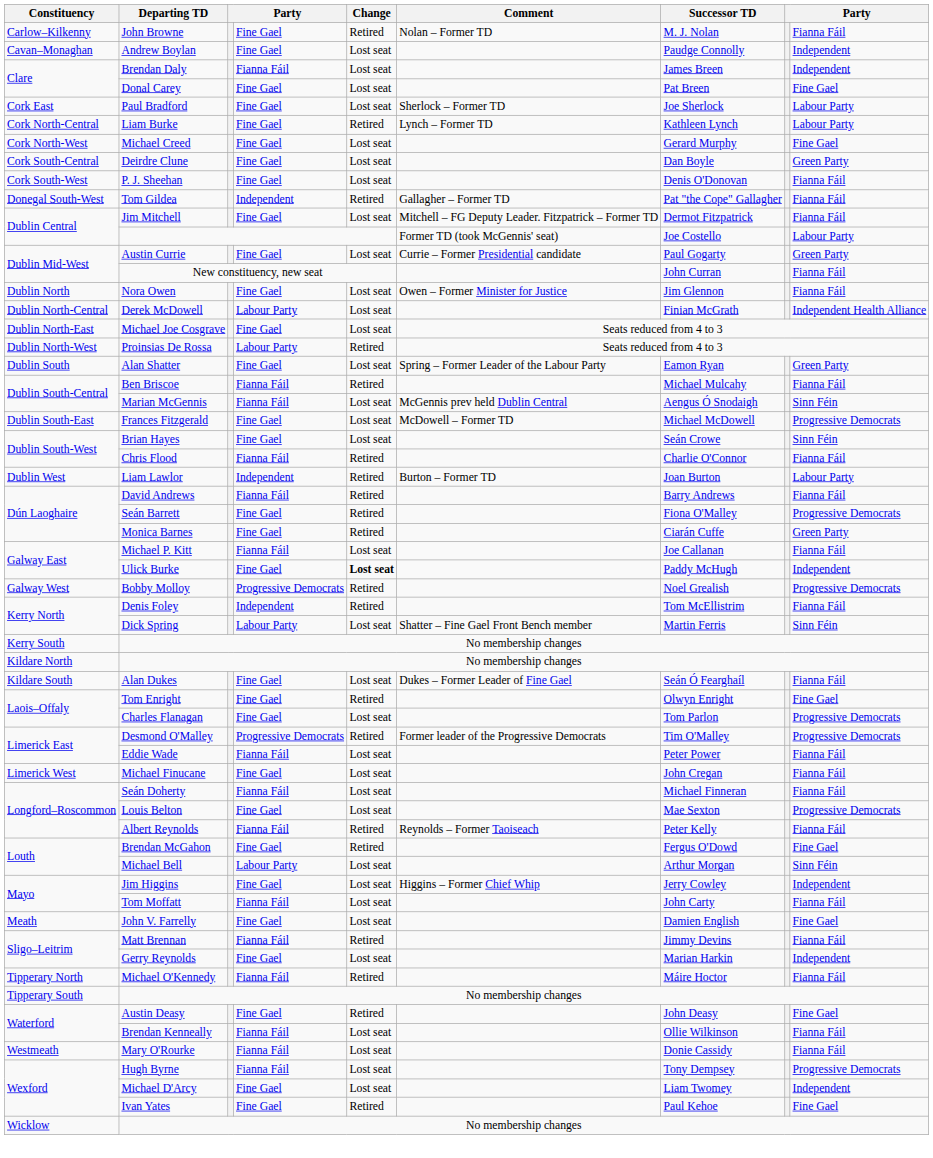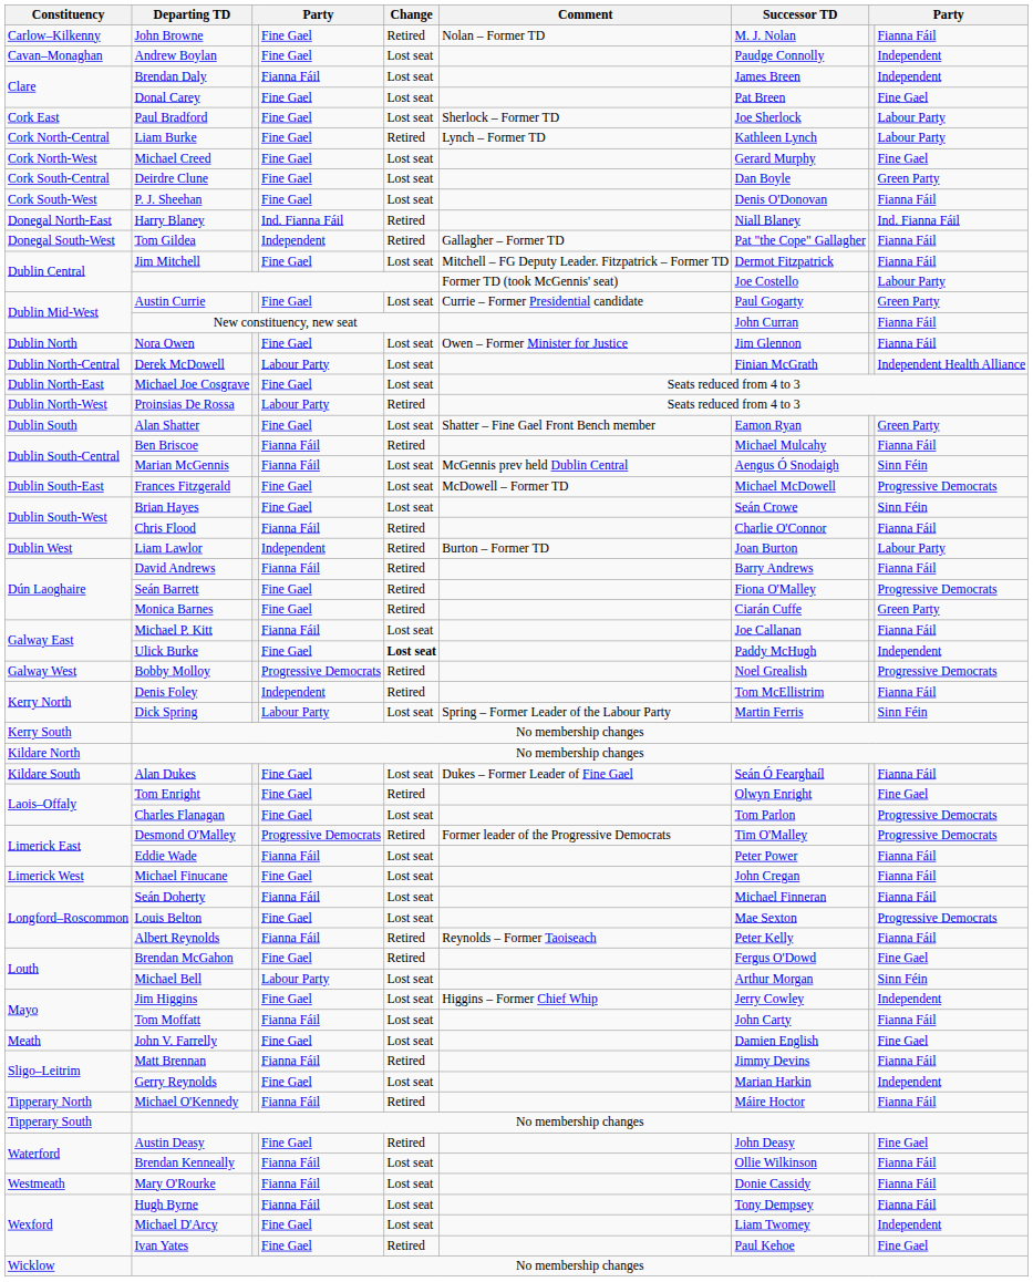 <table class="wikitable">
 <tr style="background: #efefef;">
 <th scope="col">Constituency</th>
 <th scope="col">Departing TD</th>
 <th scope="col" colspan="2">Party</th>
 <th scope="col">Change</th>
 <th scope="col">Comment</th>
 <th scope="col">Successor TD</th>
 <th scope="col" colspan="2">Party</th>
 </tr>
 <tr>
 <td><a href='#'>Carlow–Kilkenny</a></td>
 <td><a href='#'>John Browne</a></td>
 <th style="background-color: "></th>
 <td><a href='#'>Fine Gael</a></td>
 <td>Retired</td>
 <td>Nolan – Former TD</td>
 <td><a href='#'>M. J. Nolan</a></td>
 <th style="background-color: "></th>
 <td><a href='#'>Fianna Fáil</a></td>
 </tr>
 <tr>
 <td><a href='#'>Cavan–Monaghan</a></td>
 <td><a href='#'>Andrew Boylan</a></td>
 <th style="background-color: "></th>
 <td><a href='#'>Fine Gael</a></td>
 <td>Lost seat</td>
 <td></td>
 <td><a href='#'>Paudge Connolly</a></td>
 <th style="background-color: "></th>
 <td><a href='#'>Independent</a></td>
 </tr>
 <tr>
 <td rowspan=2><a href='#'>Clare</a></td>
 <td><a href='#'>Brendan Daly</a></td>
 <th style="background-color: "></th>
 <td><a href='#'>Fianna Fáil</a></td>
 <td>Lost seat</td>
 <td></td>
 <td><a href='#'>James Breen</a></td>
 <th style="background-color: "></th>
 <td><a href='#'>Independent</a></td>
 </tr>
 <tr>
 <td><a href='#'>Donal Carey</a></td>
 <th style="background-color: "></th>
 <td><a href='#'>Fine Gael</a></td>
 <td>Lost seat</td>
 <td></td>
 <td><a href='#'>Pat Breen</a></td>
 <th style="background-color: "></th>
 <td><a href='#'>Fine Gael</a></td>
 </tr>
 <tr>
 <td><a href='#'>Cork East</a></td>
 <td><a href='#'>Paul Bradford</a></td>
 <th style="background-color: "></th>
 <td><a href='#'>Fine Gael</a></td>
 <td>Lost seat</td>
 <td>Sherlock – Former TD</td>
 <td><a href='#'>Joe Sherlock</a></td>
 <th style="background-color: "></th>
 <td><a href='#'>Labour Party</a></td>
 </tr>
 <tr>
 <td><a href='#'>Cork North-Central</a></td>
 <td><a href='#'>Liam Burke</a></td>
 <th style="background-color: "></th>
 <td><a href='#'>Fine Gael</a></td>
 <td>Retired</td>
 <td>Lynch – Former TD</td>
 <td><a href='#'>Kathleen Lynch</a></td>
 <th style="background-color: "></th>
 <td><a href='#'>Labour Party</a></td>
 </tr>
 <tr>
 <td><a href='#'>Cork North-West</a></td>
 <td><a href='#'>Michael Creed</a></td>
 <th style="background-color: "></th>
 <td><a href='#'>Fine Gael</a></td>
 <td>Lost seat</td>
 <td></td>
 <td><a href='#'>Gerard Murphy</a></td>
 <th style="background-color: "></th>
 <td><a href='#'>Fine Gael</a></td>
 </tr>
 <tr>
 <td><a href='#'>Cork South-Central</a></td>
 <td><a href='#'>Deirdre Clune</a></td>
 <th style="background-color: "></th>
 <td><a href='#'>Fine Gael</a></td>
 <td>Lost seat</td>
 <td></td>
 <td><a href='#'>Dan Boyle</a></td>
 <th style="background-color: "></th>
 <td><a href='#'>Green Party</a></td>
 </tr>
 <tr>
 <td><a href='#'>Cork South-West</a></td>
 <td><a href='#'>P. J. Sheehan</a></td>
 <th style="background-color: "></th>
 <td><a href='#'>Fine Gael</a></td>
 <td>Lost seat</td>
 <td></td>
 <td><a href='#'>Denis O'Donovan</a></td>
 <th style="background-color: "></th>
 <td><a href='#'>Fianna Fáil</a></td>
 </tr>
 <tr>
+<td><a href='#'>Donegal North-East</a></td>
+<td><a href='#'>Harry Blaney</a></td>
+<th style="background-color: "></th>
+<td><a href='#'>Ind. Fianna Fáil</a></td>
+<td>Retired</td>
+<td></td>
+<td><a href='#'>Niall Blaney</a></td>
+<th style="background-color: "></th>
+<td><a href='#'>Ind. Fianna Fáil</a></td>
+</tr>
+<tr>
 <td><a href='#'>Donegal South-West</a></td>
 <td><a href='#'>Tom Gildea</a></td>
 <th style="background-color: "></th>
 <td><a href='#'>Independent</a></td>
 <td>Retired</td>
 <td>Gallagher – Former TD</td>
 <td><a href='#'>Pat "the Cope" Gallagher</a></td>
 <th style="background-color: "></th>
 <td><a href='#'>Fianna Fáil</a></td>
 </tr>
 <tr>
 <td rowspan=2><a href='#'>Dublin Central</a></td>
 <td><a href='#'>Jim Mitchell</a></td>
 <th style="background-color: "></th>
 <td><a href='#'>Fine Gael</a></td>
 <td>Lost seat</td>
 <td>Mitchell – FG Deputy Leader. Fitzpatrick – Former TD</td>
 <td><a href='#'>Dermot Fitzpatrick</a></td>
 <th style="background-color: "></th>
 <td><a href='#'>Fianna Fáil</a></td>
 </tr>
 <tr>
 <td colspan=4></td>
 <td>Former TD (took McGennis' seat)</td>
 <td><a href='#'>Joe Costello</a></td>
 <th style="background-color: "></th>
 <td><a href='#'>Labour Party</a></td>
 </tr>
 <tr>
 <td rowspan=2><a href='#'>Dublin Mid-West</a></td>
 <td><a href='#'>Austin Currie</a></td>
 <th style="background-color: "></th>
 <td><a href='#'>Fine Gael</a></td>
 <td>Lost seat</td>
 <td>Currie – Former <a href='#'>Presidential</a> candidate</td>
 <td><a href='#'>Paul Gogarty</a></td>
 <th style="background-color: "></th>
 <td><a href='#'>Green Party</a></td>
 </tr>
 <tr>
 <td colspan=4 align=center>New constituency, new seat</td>
 <td></td>
 <td><a href='#'>John Curran</a></td>
 <th style="background-color: "></th>
 <td><a href='#'>Fianna Fáil</a></td>
 </tr>
 <tr>
 <td><a href='#'>Dublin North</a></td>
 <td><a href='#'>Nora Owen</a></td>
 <th style="background-color: "></th>
 <td><a href='#'>Fine Gael</a></td>
 <td>Lost seat</td>
 <td>Owen – Former <a href='#'>Minister for Justice</a></td>
 <td><a href='#'>Jim Glennon</a></td>
 <th style="background-color: "></th>
 <td><a href='#'>Fianna Fáil</a></td>
 </tr>
 <tr>
 <td><a href='#'>Dublin North-Central</a></td>
 <td><a href='#'>Derek McDowell</a></td>
 <th style="background-color: "></th>
 <td><a href='#'>Labour Party</a></td>
 <td>Lost seat</td>
 <td></td>
 <td><a href='#'>Finian McGrath</a></td>
 <th style="background-color: "></th>
 <td><a href='#'>Independent Health Alliance</a></td>
 </tr>
 <tr>
 <td><a href='#'>Dublin North-East</a></td>
 <td><a href='#'>Michael Joe Cosgrave</a></td>
 <th style="background-color: "></th>
 <td><a href='#'>Fine Gael</a></td>
 <td>Lost seat</td>
 <td colspan=4 align=center>Seats reduced from 4 to 3</td>
 </tr>
 <tr>
 <td><a href='#'>Dublin North-West</a></td>
 <td><a href='#'>Proinsias De Rossa</a></td>
 <th style="background-color: "></th>
 <td><a href='#'>Labour Party</a></td>
 <td>Retired</td>
 <td colspan=4 align=center>Seats reduced from 4 to 3</td>
 </tr>
 <tr>
 <td><a href='#'>Dublin South</a></td>
 <td><a href='#'>Alan Shatter</a></td>
 <th style="background-color: "></th>
 <td><a href='#'>Fine Gael</a></td>
 <td>Lost seat</td>
-<td>Spring – Former Leader of the Labour Party</td>
+<td>Shatter – Fine Gael Front Bench member</td>
 <td><a href='#'>Eamon Ryan</a></td>
 <th style="background-color: "></th>
 <td><a href='#'>Green Party</a></td>
 </tr>
 <tr>
 <td rowspan=2><a href='#'>Dublin South-Central</a></td>
 <td><a href='#'>Ben Briscoe</a></td>
 <th style="background-color: "></th>
 <td><a href='#'>Fianna Fáil</a></td>
 <td>Retired</td>
 <td></td>
 <td><a href='#'>Michael Mulcahy</a></td>
 <th style="background-color: "></th>
 <td><a href='#'>Fianna Fáil</a></td>
 </tr>
 <tr>
 <td><a href='#'>Marian McGennis</a></td>
 <th style="background-color: "></th>
 <td><a href='#'>Fianna Fáil</a></td>
 <td>Lost seat</td>
 <td>McGennis prev held <a href='#'>Dublin Central</a></td>
 <td><a href='#'>Aengus Ó Snodaigh</a></td>
 <th style="background-color: "></th>
 <td><a href='#'>Sinn Féin</a></td>
 </tr>
 <tr>
 <td><a href='#'>Dublin South-East</a></td>
 <td><a href='#'>Frances Fitzgerald</a></td>
 <th style="background-color: "></th>
 <td><a href='#'>Fine Gael</a></td>
 <td>Lost seat</td>
 <td>McDowell – Former TD</td>
 <td><a href='#'>Michael McDowell</a></td>
 <th style="background-color: "></th>
 <td><a href='#'>Progressive Democrats</a></td>
 </tr>
 <tr>
 <td rowspan=2><a href='#'>Dublin South-West</a></td>
 <td><a href='#'>Brian Hayes</a></td>
 <th style="background-color: "></th>
 <td><a href='#'>Fine Gael</a></td>
 <td>Lost seat</td>
 <td></td>
 <td><a href='#'>Seán Crowe</a></td>
 <th style="background-color: "></th>
 <td><a href='#'>Sinn Féin</a></td>
 </tr>
 <tr>
 <td><a href='#'>Chris Flood</a></td>
 <th style="background-color: "></th>
 <td><a href='#'>Fianna Fáil</a></td>
 <td>Retired</td>
 <td></td>
 <td><a href='#'>Charlie O'Connor</a></td>
 <th style="background-color: "></th>
 <td><a href='#'>Fianna Fáil</a></td>
 </tr>
 <tr>
 <td><a href='#'>Dublin West</a></td>
 <td><a href='#'>Liam Lawlor</a></td>
 <th style="background-color: "></th>
 <td><a href='#'>Independent</a></td>
 <td>Retired</td>
 <td>Burton – Former TD</td>
 <td><a href='#'>Joan Burton</a></td>
 <th style="background-color: "></th>
 <td><a href='#'>Labour Party</a></td>
 </tr>
 <tr>
 <td rowspan=3><a href='#'>Dún Laoghaire</a></td>
 <td><a href='#'>David Andrews</a></td>
 <th style="background-color: "></th>
 <td><a href='#'>Fianna Fáil</a></td>
 <td>Retired</td>
 <td></td>
 <td><a href='#'>Barry Andrews</a></td>
 <th style="background-color: "></th>
 <td><a href='#'>Fianna Fáil</a></td>
 </tr>
 <tr>
 <td><a href='#'>Seán Barrett</a></td>
 <th style="background-color: "></th>
 <td><a href='#'>Fine Gael</a></td>
 <td>Retired</td>
 <td></td>
 <td><a href='#'>Fiona O'Malley</a></td>
 <th style="background-color: "></th>
 <td><a href='#'>Progressive Democrats</a></td>
 </tr>
 <tr>
 <td><a href='#'>Monica Barnes</a></td>
 <th style="background-color: "></th>
 <td><a href='#'>Fine Gael</a></td>
 <td>Retired</td>
 <td></td>
 <td><a href='#'>Ciarán Cuffe</a></td>
 <th style="background-color: "></th>
 <td><a href='#'>Green Party</a></td>
 </tr>
 <tr>
 <td rowspan=2><a href='#'>Galway East</a></td>
 <td><a href='#'>Michael P. Kitt</a></td>
 <th style="background-color: "></th>
 <td><a href='#'>Fianna Fáil</a></td>
 <td>Lost seat</td>
 <td></td>
 <td><a href='#'>Joe Callanan</a></td>
 <th style="background-color: "></th>
 <td><a href='#'>Fianna Fáil</a></td>
 </tr>
 <tr>
 <td><a href='#'>Ulick Burke</a></td>
 <th style="background-color: "></th>
 <td><a href='#'>Fine Gael</a></td>
 <td><strong>Lost seat</strong></td>
 <td></td>
 <td><a href='#'>Paddy McHugh</a></td>
 <th style="background-color: "></th>
 <td><a href='#'>Independent</a></td>
 </tr>
 <tr>
 <td><a href='#'>Galway West</a></td>
 <td><a href='#'>Bobby Molloy</a></td>
 <th style="background-color: "></th>
 <td><a href='#'>Progressive Democrats</a></td>
 <td>Retired</td>
 <td></td>
 <td><a href='#'>Noel Grealish</a></td>
 <th style="background-color: "></th>
 <td><a href='#'>Progressive Democrats</a></td>
 </tr>
 <tr>
 <td rowspan=2><a href='#'>Kerry North</a></td>
 <td><a href='#'>Denis Foley</a></td>
 <th style="background-color: "></th>
 <td><a href='#'>Independent</a></td>
 <td>Retired</td>
 <td></td>
 <td><a href='#'>Tom McEllistrim</a></td>
 <th style="background-color: "></th>
 <td><a href='#'>Fianna Fáil</a></td>
 </tr>
 <tr>
 <td><a href='#'>Dick Spring</a></td>
 <th style="background-color: "></th>
 <td><a href='#'>Labour Party</a></td>
 <td>Lost seat</td>
-<td>Shatter – Fine Gael Front Bench member</td>
+<td>Spring – Former Leader of the Labour Party</td>
 <td><a href='#'>Martin Ferris</a></td>
 <th style="background-color: "></th>
 <td><a href='#'>Sinn Féin</a></td>
 </tr>
 <tr>
 <td><a href='#'>Kerry South</a></td>
 <td colspan=8 align=center>No membership changes</td>
 </tr>
 <tr>
 <td><a href='#'>Kildare North</a></td>
 <td colspan=8 align=center>No membership changes</td>
 </tr>
 <tr>
 <td><a href='#'>Kildare South</a></td>
 <td><a href='#'>Alan Dukes</a></td>
 <th style="background-color: "></th>
 <td><a href='#'>Fine Gael</a></td>
 <td>Lost seat</td>
 <td>Dukes – Former Leader of <a href='#'>Fine Gael</a></td>
 <td><a href='#'>Seán Ó Fearghaíl</a></td>
 <th style="background-color: "></th>
 <td><a href='#'>Fianna Fáil</a></td>
 </tr>
 <tr>
 <td rowspan=2><a href='#'>Laois–Offaly</a></td>
 <td><a href='#'>Tom Enright</a></td>
 <th style="background-color: "></th>
 <td><a href='#'>Fine Gael</a></td>
 <td>Retired</td>
 <td></td>
 <td><a href='#'>Olwyn Enright</a></td>
 <th style="background-color: "></th>
 <td><a href='#'>Fine Gael</a></td>
 </tr>
 <tr>
 <td><a href='#'>Charles Flanagan</a></td>
 <th style="background-color: "></th>
 <td><a href='#'>Fine Gael</a></td>
 <td>Lost seat</td>
 <td></td>
 <td><a href='#'>Tom Parlon</a></td>
 <th style="background-color: "></th>
 <td><a href='#'>Progressive Democrats</a></td>
 </tr>
 <tr>
 <td rowspan=2><a href='#'>Limerick East</a></td>
 <td><a href='#'>Desmond O'Malley</a></td>
 <th style="background-color: "></th>
 <td><a href='#'>Progressive Democrats</a></td>
 <td>Retired</td>
 <td>Former leader of the Progressive Democrats</td>
 <td><a href='#'>Tim O'Malley</a></td>
 <th style="background-color: "></th>
 <td><a href='#'>Progressive Democrats</a></td>
 </tr>
 <tr>
 <td><a href='#'>Eddie Wade</a></td>
 <th style="background-color: "></th>
 <td><a href='#'>Fianna Fáil</a></td>
 <td>Lost seat</td>
 <td></td>
 <td><a href='#'>Peter Power</a></td>
 <th style="background-color: "></th>
 <td><a href='#'>Fianna Fáil</a></td>
 </tr>
 <tr>
 <td><a href='#'>Limerick West</a></td>
 <td><a href='#'>Michael Finucane</a></td>
 <th style="background-color: "></th>
 <td><a href='#'>Fine Gael</a></td>
 <td>Lost seat</td>
 <td></td>
 <td><a href='#'>John Cregan</a></td>
 <th style="background-color: "></th>
 <td><a href='#'>Fianna Fáil</a></td>
 </tr>
 <tr>
 <td rowspan=3><a href='#'>Longford–Roscommon</a></td>
 <td><a href='#'>Seán Doherty</a></td>
 <th style="background-color: "></th>
 <td><a href='#'>Fianna Fáil</a></td>
 <td>Lost seat</td>
 <td></td>
 <td><a href='#'>Michael Finneran</a></td>
 <th style="background-color: "></th>
 <td><a href='#'>Fianna Fáil</a></td>
 </tr>
 <tr>
 <td><a href='#'>Louis Belton</a></td>
 <th style="background-color: "></th>
 <td><a href='#'>Fine Gael</a></td>
 <td>Lost seat</td>
 <td></td>
 <td><a href='#'>Mae Sexton</a></td>
 <th style="background-color: "></th>
 <td><a href='#'>Progressive Democrats</a></td>
 </tr>
 <tr>
 <td><a href='#'>Albert Reynolds</a></td>
 <th style="background-color: "></th>
 <td><a href='#'>Fianna Fáil</a></td>
 <td>Retired</td>
 <td>Reynolds – Former <a href='#'>Taoiseach</a></td>
 <td><a href='#'>Peter Kelly</a></td>
 <th style="background-color: "></th>
 <td><a href='#'>Fianna Fáil</a></td>
 </tr>
 <tr>
 <td rowspan=2><a href='#'>Louth</a></td>
 <td><a href='#'>Brendan McGahon</a></td>
 <th style="background-color: "></th>
 <td><a href='#'>Fine Gael</a></td>
 <td>Retired</td>
 <td></td>
 <td><a href='#'>Fergus O'Dowd</a></td>
 <th style="background-color: "></th>
 <td><a href='#'>Fine Gael</a></td>
 </tr>
 <tr>
 <td><a href='#'>Michael Bell</a></td>
 <th style="background-color: "></th>
 <td><a href='#'>Labour Party</a></td>
 <td>Lost seat</td>
 <td></td>
 <td><a href='#'>Arthur Morgan</a></td>
 <th style="background-color: "></th>
 <td><a href='#'>Sinn Féin</a></td>
 </tr>
 <tr>
 <td rowspan=2><a href='#'>Mayo</a></td>
 <td><a href='#'>Jim Higgins</a></td>
 <th style="background-color: "></th>
 <td><a href='#'>Fine Gael</a></td>
 <td>Lost seat</td>
 <td>Higgins – Former <a href='#'>Chief Whip</a></td>
 <td><a href='#'>Jerry Cowley</a></td>
 <th style="background-color: "></th>
 <td><a href='#'>Independent</a></td>
 </tr>
 <tr>
 <td><a href='#'>Tom Moffatt</a></td>
 <th style="background-color: "></th>
 <td><a href='#'>Fianna Fáil</a></td>
 <td>Lost seat</td>
 <td></td>
 <td><a href='#'>John Carty</a></td>
 <th style="background-color: "></th>
 <td><a href='#'>Fianna Fáil</a></td>
 </tr>
 <tr>
 <td><a href='#'>Meath</a></td>
 <td><a href='#'>John V. Farrelly</a></td>
 <th style="background-color: "></th>
 <td><a href='#'>Fine Gael</a></td>
 <td>Lost seat</td>
 <td></td>
 <td><a href='#'>Damien English</a></td>
 <th style="background-color: "></th>
 <td><a href='#'>Fine Gael</a></td>
 </tr>
 <tr>
 <td rowspan=2><a href='#'>Sligo–Leitrim</a></td>
 <td><a href='#'>Matt Brennan</a></td>
 <th style="background-color: "></th>
 <td><a href='#'>Fianna Fáil</a></td>
 <td>Retired</td>
 <td></td>
 <td><a href='#'>Jimmy Devins</a></td>
 <th style="background-color: "></th>
 <td><a href='#'>Fianna Fáil</a></td>
 </tr>
 <tr>
 <td><a href='#'>Gerry Reynolds</a></td>
 <th style="background-color: "></th>
 <td><a href='#'>Fine Gael</a></td>
 <td>Lost seat</td>
 <td></td>
 <td><a href='#'>Marian Harkin</a></td>
 <th style="background-color: "></th>
 <td><a href='#'>Independent</a></td>
 </tr>
 <tr>
 <td><a href='#'>Tipperary North</a></td>
 <td><a href='#'>Michael O'Kennedy</a></td>
 <th style="background-color: "></th>
 <td><a href='#'>Fianna Fáil</a></td>
 <td>Retired</td>
 <td></td>
 <td><a href='#'>Máire Hoctor</a></td>
 <th style="background-color: "></th>
 <td><a href='#'>Fianna Fáil</a></td>
 </tr>
 <tr>
 <td><a href='#'>Tipperary South</a></td>
 <td colspan=8 align=center>No membership changes</td>
 </tr>
 <tr>
 <td rowspan=2><a href='#'>Waterford</a></td>
 <td><a href='#'>Austin Deasy</a></td>
 <th style="background-color: "></th>
 <td><a href='#'>Fine Gael</a></td>
 <td>Retired</td>
 <td></td>
 <td><a href='#'>John Deasy</a></td>
 <th style="background-color: "></th>
 <td><a href='#'>Fine Gael</a></td>
 </tr>
 <tr>
 <td><a href='#'>Brendan Kenneally</a></td>
 <th style="background-color: "></th>
 <td><a href='#'>Fianna Fáil</a></td>
 <td>Lost seat</td>
 <td></td>
 <td><a href='#'>Ollie Wilkinson</a></td>
 <th style="background-color: "></th>
 <td><a href='#'>Fianna Fáil</a></td>
 </tr>
 <tr>
 <td><a href='#'>Westmeath</a></td>
 <td><a href='#'>Mary O'Rourke</a></td>
 <th style="background-color: "></th>
 <td><a href='#'>Fianna Fáil</a></td>
 <td>Lost seat</td>
 <td></td>
 <td><a href='#'>Donie Cassidy</a></td>
 <th style="background-color: "></th>
 <td><a href='#'>Fianna Fáil</a></td>
 </tr>
 <tr>
 <td rowspan=3><a href='#'>Wexford</a></td>
 <td><a href='#'>Hugh Byrne</a></td>
 <th style="background-color: "></th>
 <td><a href='#'>Fianna Fáil</a></td>
 <td>Lost seat</td>
 <td></td>
 <td><a href='#'>Tony Dempsey</a></td>
 <th style="background-color: "></th>
-<td><a href='#'>Progressive Democrats</a></td>
+<td><a href='#'>Fianna Fáil</a></td>
 </tr>
 <tr>
 <td><a href='#'>Michael D'Arcy</a></td>
 <th style="background-color: "></th>
 <td><a href='#'>Fine Gael</a></td>
 <td>Lost seat</td>
 <td></td>
 <td><a href='#'>Liam Twomey</a></td>
 <th style="background-color: "></th>
 <td><a href='#'>Independent</a></td>
 </tr>
 <tr>
 <td><a href='#'>Ivan Yates</a></td>
 <th style="background-color: "></th>
 <td><a href='#'>Fine Gael</a></td>
 <td>Retired</td>
 <td></td>
 <td><a href='#'>Paul Kehoe</a></td>
 <th style="background-color: "></th>
 <td><a href='#'>Fine Gael</a></td>
 </tr>
 <tr>
 <td><a href='#'>Wicklow</a></td>
 <td colspan=8 align=center>No membership changes</td>
 </tr>
 </table>
